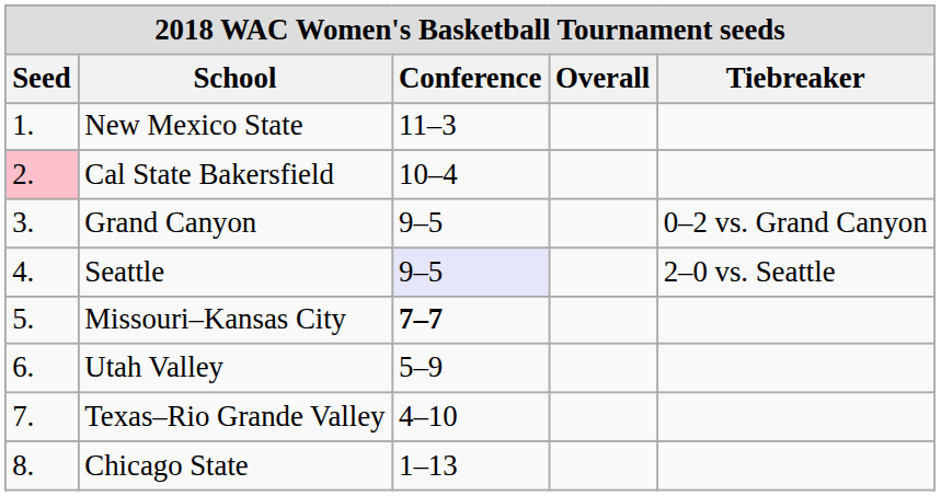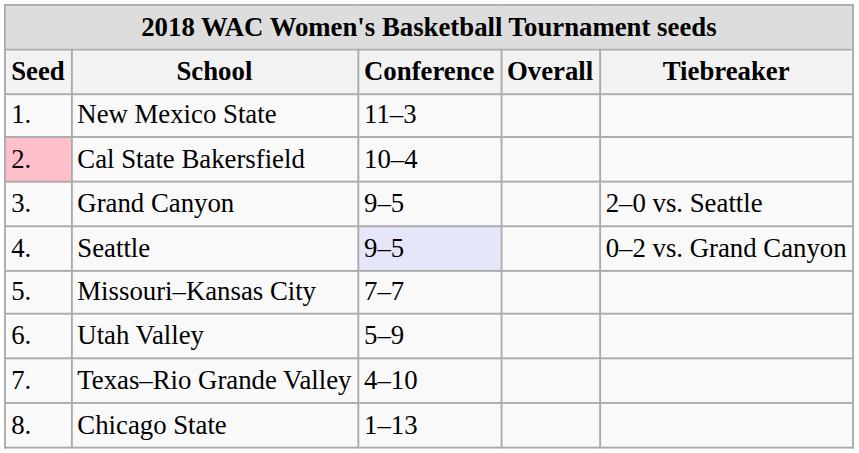 <table class="wikitable" style="white-space:nowrap; font-size:90%;">
 <tr>
 <td colspan="7" style="text-align:center; background:#DDDDDD; font:#000000"><strong>2018 WAC Women's Basketball Tournament seeds</strong></td>
 </tr>
 <tr bgcolor="#efefef">
 <th>Seed</th>
 <th>School</th>
 <th>Conference</th>
 <th>Overall</th>
 <th>Tiebreaker</th>
 </tr>
 <tr>
 <td>1.</td>
 <td>New Mexico State</td>
 <td>11–3</td>
 <td></td>
 <td></td>
 </tr>
 <tr>
 <td style="background: pink;">2.</td>
 <td>Cal State Bakersfield</td>
 <td>10–4</td>
 <td></td>
 <td></td>
 </tr>
 <tr>
 <td>3.</td>
 <td>Grand Canyon</td>
 <td>9–5</td>
 <td></td>
-<td>0–2 vs. Grand Canyon</td>
+<td>2–0 vs. Seattle</td>
 </tr>
 <tr>
 <td>4.</td>
 <td>Seattle</td>
 <td style="background: lavender;">9–5</td>
 <td></td>
-<td>2–0 vs. Seattle</td>
+<td>0–2 vs. Grand Canyon</td>
 </tr>
 <tr>
 <td>5.</td>
 <td>Missouri–Kansas City</td>
-<td><strong>7–7</strong></td>
+<td>7–7</td>
 <td></td>
 <td></td>
 </tr>
 <tr>
 <td>6.</td>
 <td>Utah Valley</td>
 <td>5–9</td>
 <td></td>
 <td></td>
 </tr>
 <tr>
 <td>7.</td>
 <td>Texas–Rio Grande Valley</td>
 <td>4–10</td>
 <td></td>
 <td></td>
 </tr>
 <tr>
 <td>8.</td>
 <td>Chicago State</td>
 <td>1–13</td>
 <td></td>
 <td></td>
 </tr>
 </table>
